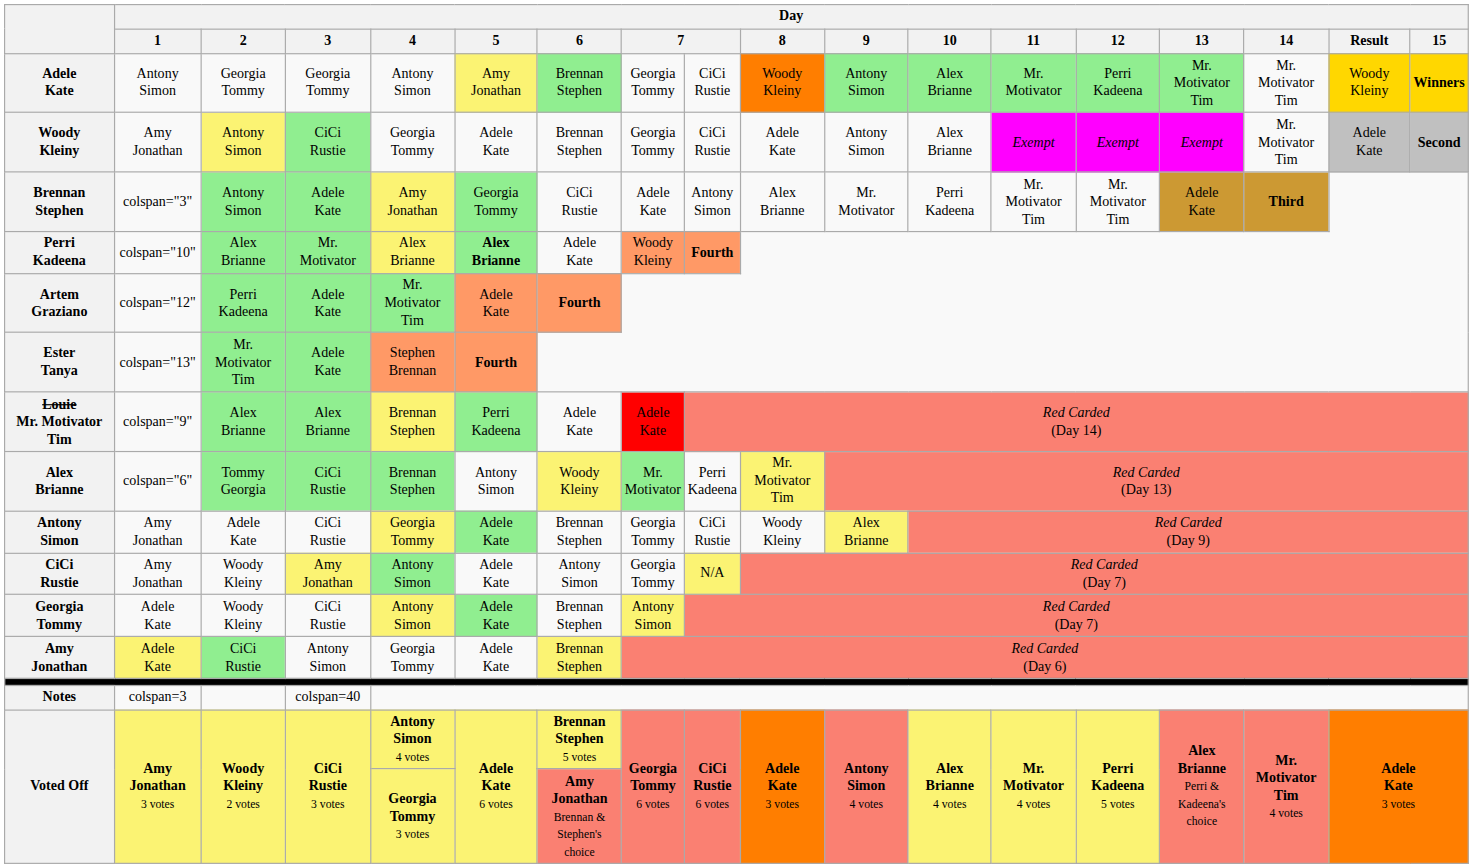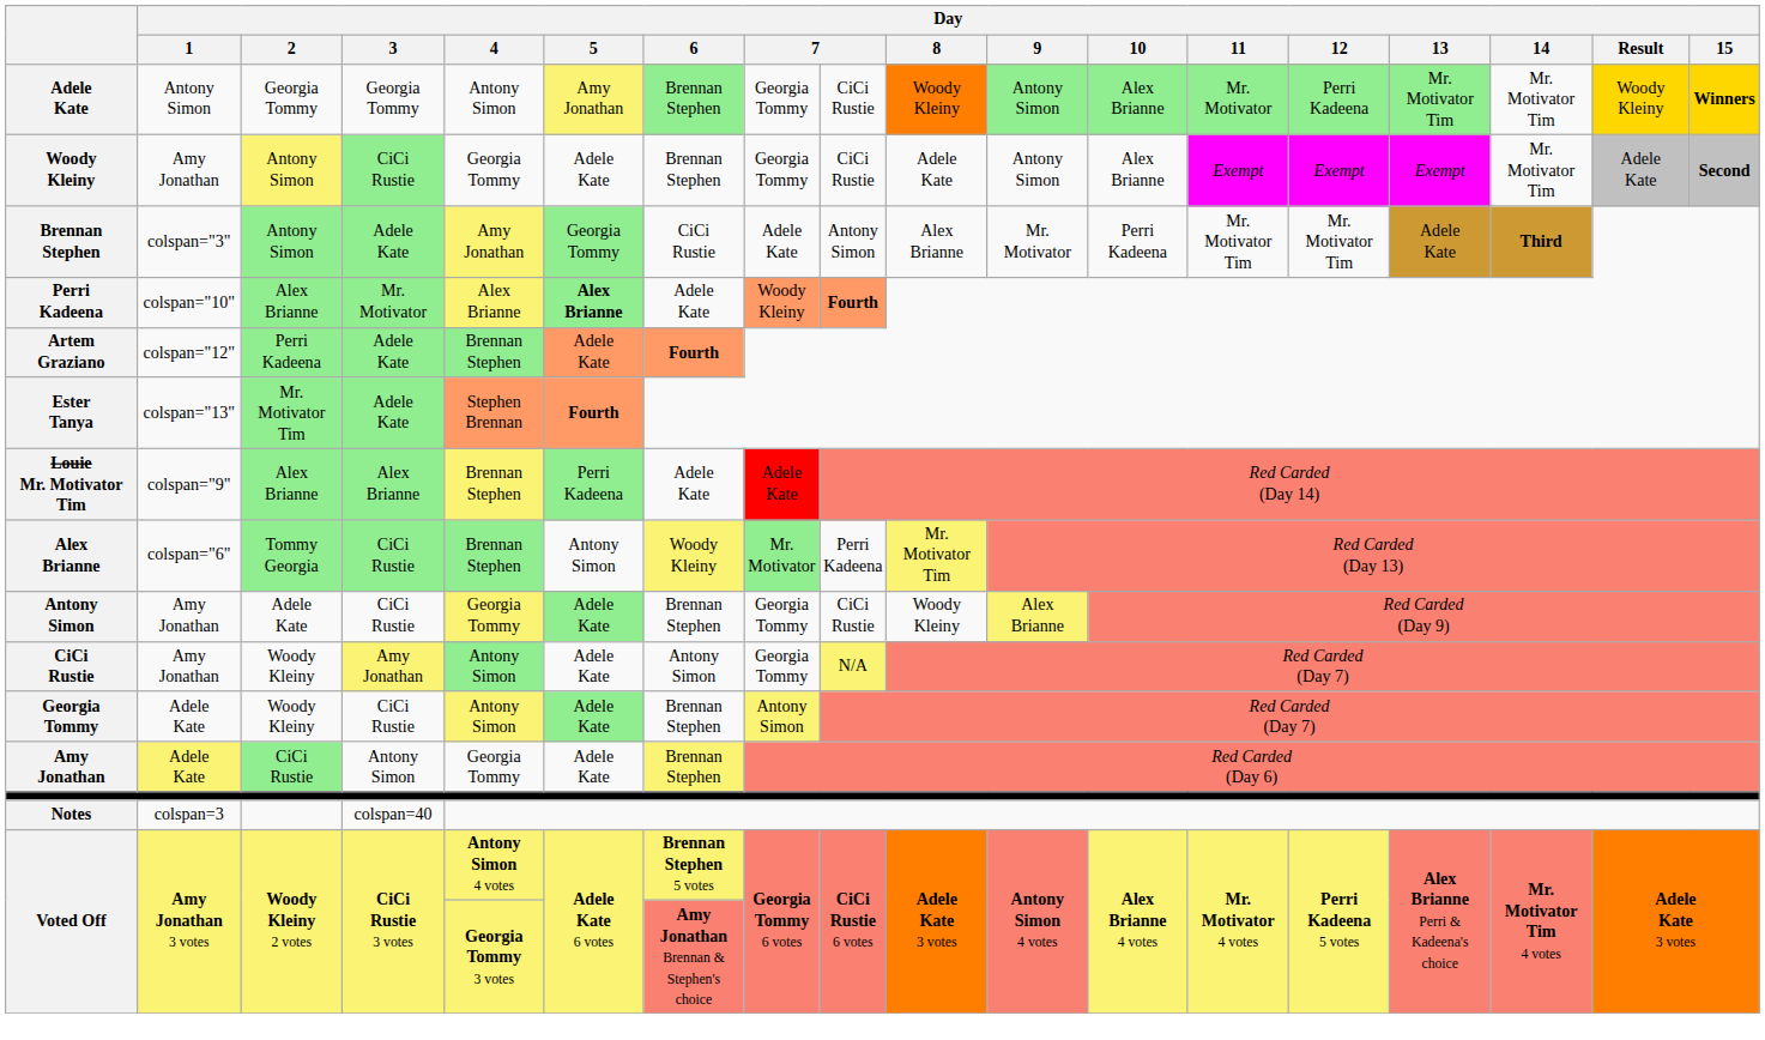 <table class="wikitable" style="text-align:center; font-size:75%; line-height:15px;">
 <tr>
 <th style="width: 8%;" rowspan="2"></th>
 <th colspan="41">Day</th>
 </tr>
 <tr>
 <th style="width: 6%;">1</th>
 <th style="width: 6%;">2</th>
 <th style="width: 6%;">3</th>
 <th style="width: 6%;">4</th>
 <th style="width: 6%;">5</th>
 <th style="width: 6%;">6</th>
 <th colspan=2 style="width: 6%;">7</th>
 <th style="width: 6%;">8</th>
 <th style="width: 6%;">9</th>
 <th style="width: 6%;">10</th>
 <th style="width: 6%;">11</th>
 <th style="width: 6%;">12</th>
 <th style="width: 6%;">13</th>
 <th style="width: 6%;">14</th>
 <th style="width: 6%;">Result</th>
 <th colspan=2 style="width: 6%;">15</th>
 </tr>
 <tr>
 <th>Adele<br>Kate</th>
 <td>Antony<br>Simon</td>
 <td>Georgia<br>Tommy</td>
 <td>Georgia<br>Tommy</td>
 <td>Antony<br>Simon</td>
 <td style="background:#fbf373;">Amy<br>Jonathan</td>
 <td style="background:lightgreen;">Brennan<br>Stephen</td>
 <td>Georgia<br>Tommy</td>
 <td>CiCi<br>Rustie</td>
 <td style="background:#ff7e00;">Woody<br>Kleiny</td>
 <td style="background:lightgreen;">Antony<br>Simon</td>
 <td style="background:lightgreen;">Alex<br>Brianne</td>
 <td style="background:lightgreen;">Mr. Motivator</td>
 <td style="background:lightgreen;">Perri<br>Kadeena</td>
 <td style="background:lightgreen;">Mr. Motivator<br>Tim</td>
 <td>Mr. Motivator<br>Tim</td>
 <td style="background:gold;">Woody<br>Kleiny</td>
 <td style="background:gold;"><strong>Winners</strong></td>
 </tr>
 <tr>
 <th>Woody<br>Kleiny</th>
 <td>Amy<br>Jonathan</td>
 <td style="background:#fbf373;">Antony<br>Simon</td>
 <td style="background:lightgreen;">CiCi<br>Rustie</td>
 <td>Georgia<br>Tommy</td>
 <td>Adele<br>Kate</td>
 <td>Brennan<br>Stephen</td>
 <td>Georgia<br>Tommy</td>
 <td>CiCi<br>Rustie</td>
 <td>Adele<br>Kate</td>
 <td>Antony<br>Simon</td>
 <td>Alex<br>Brianne</td>
 <td style="background:#ff00ff;"><em>Exempt</em></td>
 <td style="background:#ff00ff;"><em>Exempt</em></td>
 <td style="background:#ff00ff;"><em>Exempt</em></td>
 <td>Mr. Motivator<br>Tim</td>
 <td style="background:silver;">Adele<br>Kate</td>
 <td style="background:silver;"><strong>Second</strong></td>
 </tr>
 <tr>
 <th>Brennan<br>Stephen</th>
 <td>colspan="3" </td>
 <td style="background:lightgreen;">Antony<br>Simon</td>
 <td style="background:lightgreen;">Adele<br>Kate</td>
 <td style="background:#fbf373;">Amy<br>Jonathan</td>
 <td style="background:lightgreen;">Georgia<br>Tommy</td>
 <td>CiCi<br>Rustie</td>
 <td>Adele<br>Kate</td>
 <td>Antony<br>Simon</td>
 <td>Alex<br>Brianne</td>
 <td>Mr. Motivator</td>
 <td>Perri<br>Kadeena</td>
 <td>Mr. Motivator<br>Tim</td>
 <td>Mr. Motivator<br>Tim</td>
 <td style="background:#cc9933;">Adele<br>Kate</td>
 <td style="background:#cc9933;"><strong>Third</strong></td>
 </tr>
 <tr>
 <th>Perri<br>Kadeena</th>
 <td>colspan="10" </td>
 <td style="background:lightgreen;">Alex<br>Brianne</td>
 <td style="background:lightgreen;">Mr. Motivator</td>
 <td style="background:#fbf373;">Alex<br>Brianne</td>
 <td style="background:lightgreen;"><strong>Alex<br>Brianne</strong></td>
 <td>Adele<br>Kate</td>
 <td style="background:#ff9966;">Woody<br>Kleiny</td>
 <td style="background:#ff9966;"><strong>Fourth</strong></td>
 </tr>
 <tr>
 <th>Artem<br>Graziano</th>
 <td>colspan="12" </td>
 <td style="background:lightgreen;">Perri<br>Kadeena</td>
 <td style="background:lightgreen;">Adele<br>Kate</td>
-<td style="background:lightgreen;">Mr. Motivator<br>Tim</td>
+<td style="background:lightgreen;">Brennan<br>Stephen</td>
 <td style="background:#ff9966;">Adele<br>Kate</td>
 <td style="background:#ff9966;"><strong>Fourth</strong></td>
 </tr>
 <tr>
 <th>Ester<br>Tanya</th>
 <td>colspan="13" </td>
 <td style="background:lightgreen;">Mr. Motivator<br>Tim</td>
 <td style="background:lightgreen;">Adele<br>Kate</td>
 <td style="background:#ff9966;">Stephen<br>Brennan</td>
 <td style="background:#ff9966;"><strong>Fourth</strong></td>
 </tr>
 <tr>
 <th><s>Louie</s><br>Mr. Motivator<br>Tim</th>
 <td>colspan="9" </td>
 <td style="background:lightgreen;">Alex<br>Brianne</td>
 <td style="background:lightgreen;">Alex<br>Brianne</td>
 <td style="background:#fbf373;">Brennan<br>Stephen</td>
 <td style="background:lightgreen;">Perri<br>Kadeena</td>
 <td>Adele<br>Kate</td>
 <td style="background:red;">Adele<br>Kate</td>
 <td colspan="11" style="background:#fa8072;"><em>Red Carded</em><br>(Day 14)</td>
 </tr>
 <tr>
 <th>Alex<br>Brianne</th>
 <td>colspan="6" </td>
 <td style="background:lightgreen;">Tommy<br>Georgia</td>
 <td style="background:lightgreen;">CiCi<br>Rustie</td>
 <td style="background:lightgreen;">Brennan<br>Stephen</td>
 <td>Antony<br>Simon</td>
 <td style="background:#fbf373;">Woody<br>Kleiny</td>
 <td style="background:lightgreen;">Mr. Motivator</td>
 <td>Perri<br>Kadeena</td>
 <td style="background:#fbf373;">Mr. Motivator<br>Tim</td>
 <td colspan="11" style="background:#fa8072;"><em>Red Carded</em><br>(Day 13)</td>
 </tr>
 <tr>
 <th>Antony<br>Simon</th>
 <td>Amy<br>Jonathan</td>
 <td>Adele<br>Kate</td>
 <td>CiCi<br>Rustie</td>
 <td style="background:#fbf373;">Georgia<br>Tommy</td>
 <td style="background:lightgreen;">Adele<br>Kate</td>
 <td>Brennan<br>Stephen</td>
 <td>Georgia<br>Tommy</td>
 <td>CiCi<br>Rustie</td>
 <td>Woody<br>Kleiny</td>
 <td style="background:#fbf373;">Alex<br>Brianne</td>
 <td colspan="7" style="background:#fa8072;"><em>Red Carded</em><br>(Day 9)</td>
 </tr>
 <tr>
 <th>CiCi<br>Rustie</th>
 <td>Amy<br>Jonathan</td>
 <td>Woody<br>Kleiny</td>
 <td style="background:#fbf373;">Amy<br>Jonathan</td>
 <td style="background:lightgreen;">Antony<br>Simon</td>
 <td>Adele<br>Kate</td>
 <td>Antony<br>Simon</td>
 <td>Georgia<br>Tommy</td>
 <td style="background:#fbf373;">N/A</td>
 <td colspan="9" style="background:#fa8072;"><em>Red Carded</em><br>(Day 7)</td>
 </tr>
 <tr>
 <th>Georgia<br>Tommy</th>
 <td>Adele<br>Kate</td>
 <td>Woody<br>Kleiny</td>
 <td>CiCi<br>Rustie</td>
 <td style="background:#fbf373;">Antony<br>Simon</td>
 <td style="background:lightgreen;">Adele<br>Kate</td>
 <td>Brennan<br>Stephen</td>
 <td style="background:#fbf373;">Antony<br>Simon</td>
 <td colspan="10" style="background:#fa8072;"><em>Red Carded</em><br>(Day 7)</td>
 </tr>
 <tr>
 <th>Amy<br>Jonathan</th>
 <td style="background:#fbf373;">Adele<br>Kate</td>
 <td style="background:lightgreen;">CiCi<br>Rustie</td>
 <td>Antony<br>Simon</td>
 <td>Georgia<br>Tommy</td>
 <td>Adele<br>Kate</td>
 <td style="background:#fbf373;">Brennan<br>Stephen</td>
 <td colspan="11" style="background:#fa8072;"><em>Red Carded</em><br>(Day 6)</td>
 </tr>
 <tr>
 <th style="background:black;" colspan="42"></th>
 </tr>
 <tr>
 <th>Notes</th>
 <td>colspan=3 </td>
 <td></td>
 <td>colspan=40 </td>
 </tr>
 <tr>
 <th rowspan=2>Voted Off</th>
 <td style="background:#fbf373;" rowspan="2"><strong>Amy<br>Jonathan</strong><br><small>3 votes</small></td>
 <td style="background:#fbf373;" rowspan="2"><strong>Woody<br>Kleiny</strong><br><small>2 votes</small></td>
 <td style="background:#fbf373;" rowspan="2"><strong>CiCi<br>Rustie</strong><br><small>3 votes</small></td>
 <td style="background:#fbf373;"><strong>Antony<br>Simon</strong><br><small>4 votes</small></td>
 <td style="background:#fbf373;" rowspan="2"><strong>Adele<br>Kate</strong><br><small>6 votes</small></td>
 <td style="background:#fbf373;"><strong>Brennan<br>Stephen</strong><br><small>5 votes</small></td>
 <td style="background:salmon;" rowspan="2"><strong>Georgia<br>Tommy</strong><br><small>6 votes</small></td>
 <td style="background:salmon;" rowspan="2"><strong>CiCi<br>Rustie</strong><br><small>6 votes</small></td>
 <td style="background:#ff7e00;" rowspan="2"><strong>Adele<br>Kate</strong><br><small>3 votes</small></td>
 <td style="background:salmon;" rowspan="2"><strong>Antony<br>Simon</strong><br><small>4 votes</small></td>
 <td style="background:#fbf373;" rowspan="2"><strong>Alex<br>Brianne</strong><br><small>4 votes</small></td>
 <td style="background:#fbf373;" rowspan="2"><strong>Mr. Motivator</strong><br><small>4 votes</small></td>
 <td style="background:#fbf373;" rowspan="2"><strong>Perri<br>Kadeena</strong><br><small>5 votes</small></td>
 <td style="background:salmon;" rowspan="2"><strong>Alex<br>Brianne</strong><br><small>Perri & Kadeena's<br>choice</small></td>
 <td style="background:salmon;" rowspan="2"><strong>Mr. Motivator<br>Tim</strong><br><small>4 votes</small></td>
 <td colspan="2" style="background:#ff7e00;" rowspan="2"><strong>Adele<br>Kate</strong><br><small>3 votes</small></td>
 </tr>
 <tr>
 <td style="background:#fbf373;"><strong>Georgia<br>Tommy</strong><br><small>3 votes</small></td>
 <td style="background:salmon;"><strong>Amy<br>Jonathan</strong><br><small>Brennan & Stephen's<br>choice</small></td>
 </tr>
 </table>
